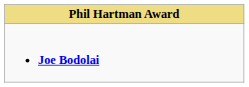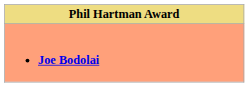 <table class="wikitable" style="width:50%">
 <tr>
 <th style="background:#EEDD82; width:50%">Phil Hartman Award</th>
 </tr>
 <tr>
-<td valign="top"><br><ul><li> <strong><a href='#'>Joe Bodolai</a></strong></li></ul></td>
+<td valign="top" style="background: lightsalmon;"><br><ul><li> <strong><a href='#'>Joe Bodolai</a></strong></li></ul></td>
 </tr>
 </table>
